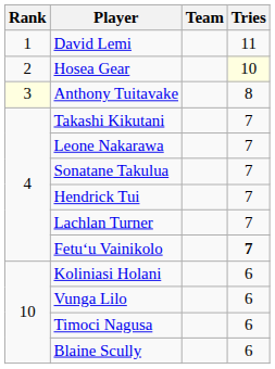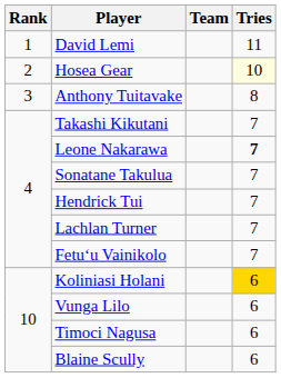 <table class="wikitable">
 <tr>
 <th>Rank</th>
 <th>Player</th>
 <th>Team</th>
 <th>Tries</th>
 </tr>
 <tr>
 <td align=center>1</td>
 <td><a href='#'>David Lemi</a></td>
 <td></td>
 <td align=center>11</td>
 </tr>
 <tr>
 <td align=center>2</td>
 <td><a href='#'>Hosea Gear</a></td>
 <td></td>
 <td align=center style="background: lightyellow;">10</td>
 </tr>
 <tr>
-<td align=center style="background: lightyellow;">3</td>
+<td align=center>3</td>
 <td><a href='#'>Anthony Tuitavake</a></td>
 <td></td>
 <td align=center>8</td>
 </tr>
 <tr>
 <td rowspan=6 align=center>4</td>
 <td><a href='#'>Takashi Kikutani</a></td>
 <td></td>
 <td align=center>7</td>
 </tr>
 <tr>
 <td><a href='#'>Leone Nakarawa</a></td>
 <td></td>
-<td align=center>7</td>
+<td align=center><strong>7</strong></td>
 </tr>
 <tr>
 <td><a href='#'>Sonatane Takulua</a></td>
 <td></td>
 <td align=center>7</td>
 </tr>
 <tr>
 <td><a href='#'>Hendrick Tui</a></td>
 <td></td>
 <td align=center>7</td>
 </tr>
 <tr>
 <td><a href='#'>Lachlan Turner</a></td>
 <td></td>
 <td align=center>7</td>
 </tr>
 <tr>
 <td><a href='#'>Fetuʻu Vainikolo</a></td>
 <td></td>
-<td align=center><strong>7</strong></td>
+<td align=center>7</td>
 </tr>
 <tr>
 <td rowspan=4 align=center>10</td>
 <td><a href='#'>Koliniasi Holani</a></td>
 <td></td>
-<td align=center>6</td>
+<td align=center style="background: gold;">6</td>
 </tr>
 <tr>
 <td><a href='#'>Vunga Lilo</a></td>
 <td></td>
 <td align=center>6</td>
 </tr>
 <tr>
 <td><a href='#'>Timoci Nagusa</a></td>
 <td></td>
 <td align=center>6</td>
 </tr>
 <tr>
 <td><a href='#'>Blaine Scully</a></td>
 <td></td>
 <td align=center>6</td>
 </tr>
 </table>
